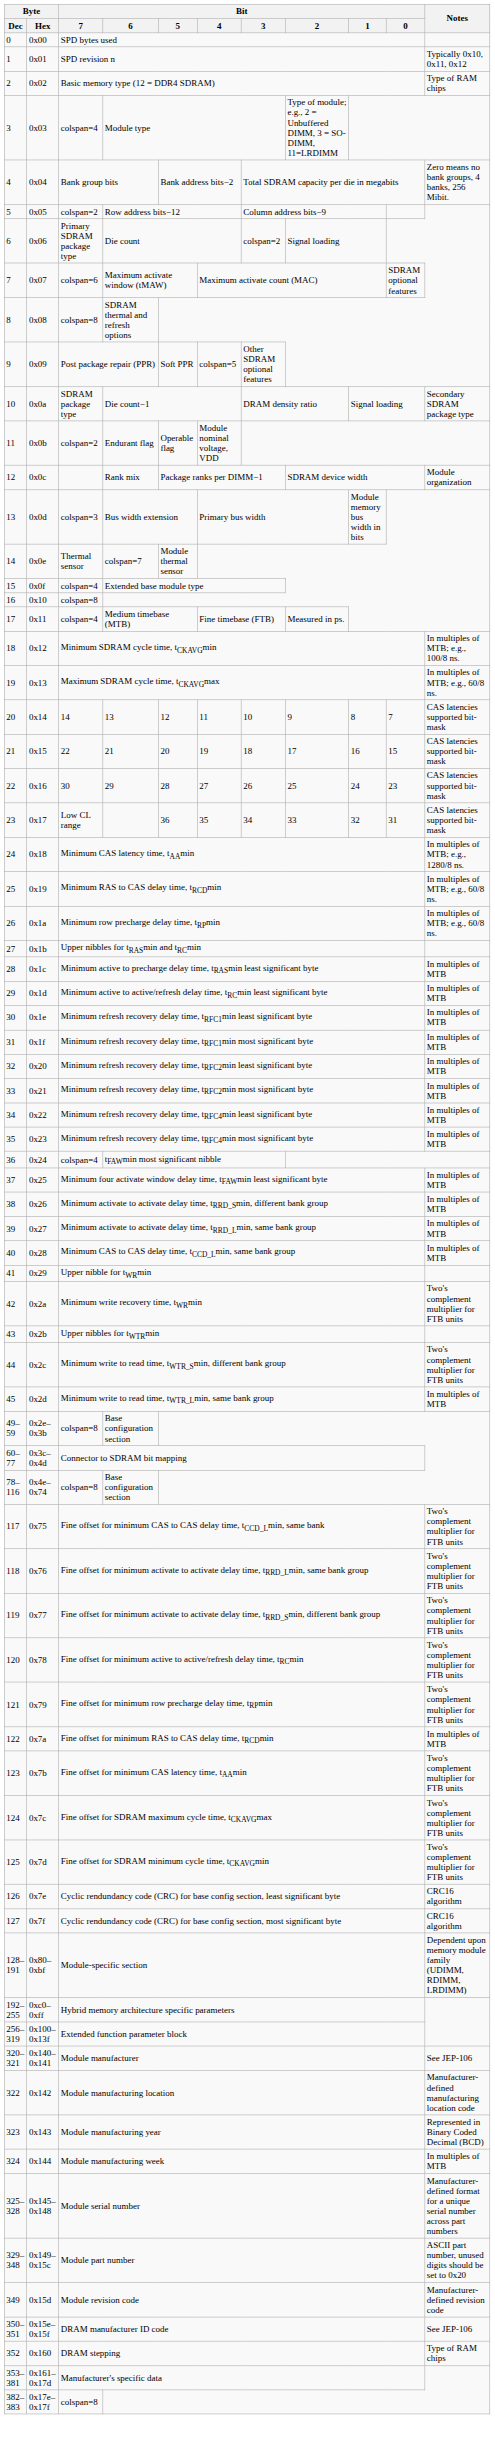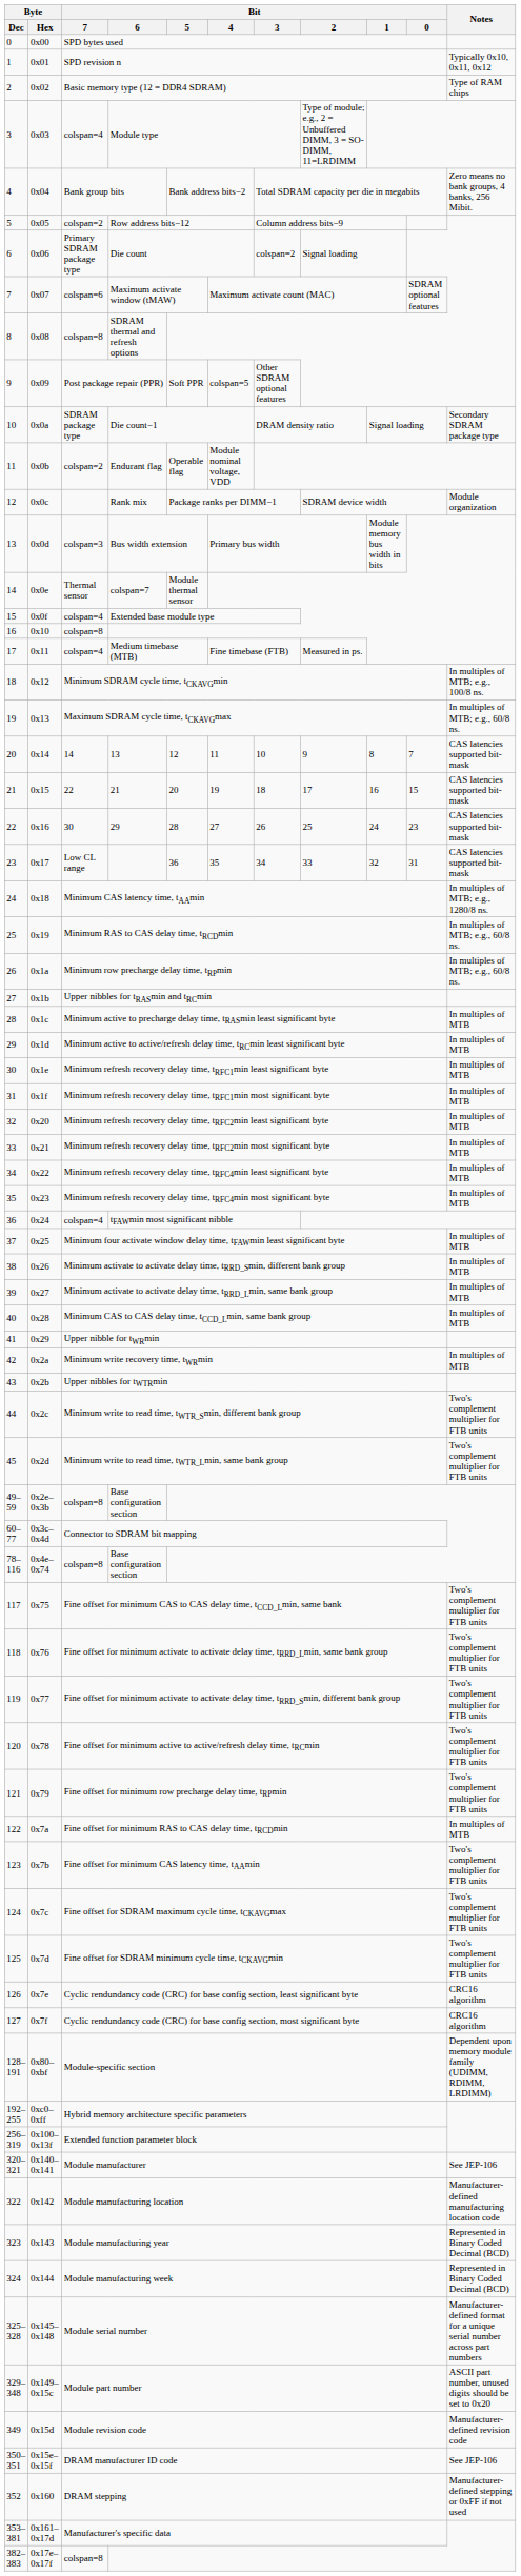 <table class=wikitable>
 <tr>
 <th colspan=2>Byte</th>
 <th colspan=8>Bit</th>
 <th rowspan=2>Notes</th>
 </tr>
 <tr>
 <th>Dec</th>
 <th>Hex</th>
 <th>7</th>
 <th>6</th>
 <th>5</th>
 <th>4</th>
 <th>3</th>
 <th>2</th>
 <th>1</th>
 <th>0</th>
 </tr>
 <tr>
 <td>0</td>
 <td>0x00</td>
 <td colspan=8>SPD bytes used</td>
 </tr>
 <tr>
 <td>1</td>
 <td>0x01</td>
 <td colspan=8>SPD revision n</td>
 <td>Typically 0x10, 0x11, 0x12</td>
 </tr>
 <tr>
 <td>2</td>
 <td>0x02</td>
 <td colspan=8>Basic memory type (12 = DDR4 SDRAM)</td>
 <td>Type of RAM chips</td>
 </tr>
 <tr>
 <td>3</td>
 <td>0x03</td>
 <td>colspan=4 </td>
 <td colspan=4>Module type</td>
 <td>Type of module; e.g., 2 = Unbuffered DIMM, 3 = SO-DIMM, 11=LRDIMM</td>
 </tr>
 <tr>
 <td>4</td>
 <td>0x04</td>
 <td colspan=2>Bank group bits</td>
 <td colspan=2>Bank address bits−2</td>
 <td colspan=4>Total SDRAM capacity per die in megabits</td>
 <td>Zero means no bank groups, 4 banks, 256 Mibit.</td>
 </tr>
 <tr>
 <td>5</td>
 <td>0x05</td>
 <td>colspan=2 </td>
 <td colspan=3>Row address bits−12</td>
 <td colspan=3>Column address bits−9</td>
 <td></td>
 </tr>
 <tr>
 <td>6</td>
 <td>0x06</td>
 <td>Primary SDRAM package type</td>
 <td colspan=3>Die count</td>
 <td>colspan=2 </td>
 <td colspan=2>Signal loading</td>
 </tr>
 <tr>
 <td>7</td>
 <td>0x07</td>
 <td>colspan=6 </td>
 <td colspan=2>Maximum activate window (tMAW)</td>
 <td colspan=4>Maximum activate count (MAC)</td>
 <td>SDRAM optional features</td>
 </tr>
 <tr>
 <td>8</td>
 <td>0x08</td>
 <td>colspan=8 </td>
 <td>SDRAM thermal and refresh options</td>
 </tr>
 <tr>
 <td>9</td>
 <td>0x09</td>
 <td colspan=2>Post package repair (PPR)</td>
 <td>Soft PPR</td>
 <td>colspan=5 </td>
 <td>Other SDRAM optional features</td>
 </tr>
 <tr>
 <td>10</td>
 <td>0x0a</td>
 <td>SDRAM package type</td>
 <td colspan=3>Die count−1</td>
 <td colspan=2>DRAM density ratio</td>
 <td colspan=2>Signal loading</td>
 <td>Secondary SDRAM package type</td>
 </tr>
 <tr>
 <td>11</td>
 <td>0x0b</td>
 <td>colspan=2 </td>
 <td>Endurant flag</td>
 <td>Operable flag</td>
 <td>Module nominal voltage, VDD</td>
 </tr>
 <tr>
 <td>12</td>
 <td>0x0c</td>
 <td></td>
 <td>Rank mix</td>
 <td colspan=3>Package ranks per DIMM−1</td>
 <td colspan=3>SDRAM device width</td>
 <td>Module organization</td>
 </tr>
 <tr>
 <td>13</td>
 <td>0x0d</td>
 <td>colspan=3 </td>
 <td colspan=2>Bus width extension</td>
 <td colspan=3>Primary bus width</td>
 <td>Module memory bus width in bits</td>
 </tr>
 <tr>
 <td>14</td>
 <td>0x0e</td>
 <td>Thermal sensor</td>
 <td>colspan=7 </td>
 <td>Module thermal sensor</td>
 </tr>
 <tr>
 <td>15</td>
 <td>0x0f</td>
 <td>colspan=4 </td>
 <td colspan=4>Extended base module type</td>
 </tr>
 <tr>
 <td>16</td>
 <td>0x10</td>
 <td>colspan=8 </td>
 </tr>
 <tr>
 <td>17</td>
 <td>0x11</td>
 <td>colspan=4 </td>
 <td colspan=2>Medium timebase (MTB)</td>
 <td colspan=2>Fine timebase (FTB)</td>
 <td>Measured in ps.</td>
 </tr>
 <tr>
 <td>18</td>
 <td>0x12</td>
 <td colspan=8>Minimum SDRAM cycle time, t<sub>CKAVG</sub>min</td>
 <td>In multiples of MTB; e.g., 100/8 ns.</td>
 </tr>
 <tr>
 <td>19</td>
 <td>0x13</td>
 <td colspan=8>Maximum SDRAM cycle time, t<sub>CKAVG</sub>max</td>
 <td>In multiples of MTB; e.g., 60/8 ns.</td>
 </tr>
 <tr>
 <td>20</td>
 <td>0x14</td>
 <td>14</td>
 <td>13</td>
 <td>12</td>
 <td>11</td>
 <td>10</td>
 <td>9</td>
 <td>8</td>
 <td>7</td>
 <td>CAS latencies supported bit-mask</td>
 </tr>
 <tr>
 <td>21</td>
 <td>0x15</td>
 <td>22</td>
 <td>21</td>
 <td>20</td>
 <td>19</td>
 <td>18</td>
 <td>17</td>
 <td>16</td>
 <td>15</td>
 <td>CAS latencies supported bit-mask</td>
 </tr>
 <tr>
 <td>22</td>
 <td>0x16</td>
 <td>30</td>
 <td>29</td>
 <td>28</td>
 <td>27</td>
 <td>26</td>
 <td>25</td>
 <td>24</td>
 <td>23</td>
 <td>CAS latencies supported bit-mask</td>
 </tr>
 <tr>
 <td>23</td>
 <td>0x17</td>
 <td>Low CL range</td>
 <td></td>
 <td>36</td>
 <td>35</td>
 <td>34</td>
 <td>33</td>
 <td>32</td>
 <td>31</td>
 <td>CAS latencies supported bit-mask</td>
 </tr>
 <tr>
 <td>24</td>
 <td>0x18</td>
 <td colspan=8>Minimum CAS latency time, t<sub>AA</sub>min</td>
 <td>In multiples of MTB; e.g., 1280/8 ns.</td>
 </tr>
 <tr>
 <td>25</td>
 <td>0x19</td>
 <td colspan=8>Minimum RAS to CAS delay time, t<sub>RCD</sub>min</td>
 <td>In multiples of MTB; e.g., 60/8 ns.</td>
 </tr>
 <tr>
 <td>26</td>
 <td>0x1a</td>
 <td colspan=8>Minimum row precharge delay time, t<sub>RP</sub>min</td>
 <td>In multiples of MTB; e.g., 60/8 ns.</td>
 </tr>
 <tr>
 <td>27</td>
 <td>0x1b</td>
 <td colspan=8>Upper nibbles for t<sub>RAS</sub>min and t<sub>RC</sub>min</td>
 </tr>
 <tr>
 <td>28</td>
 <td>0x1c</td>
 <td colspan=8>Minimum active to precharge delay time, t<sub>RAS</sub>min least significant byte</td>
 <td>In multiples of MTB</td>
 </tr>
 <tr>
 <td>29</td>
 <td>0x1d</td>
 <td colspan=8>Minimum active to active/refresh delay time, t<sub>RC</sub>min least significant byte</td>
 <td>In multiples of MTB</td>
 </tr>
 <tr>
 <td>30</td>
 <td>0x1e</td>
 <td colspan=8>Minimum refresh recovery delay time, t<sub>RFC1</sub>min least significant byte</td>
 <td>In multiples of MTB</td>
 </tr>
 <tr>
 <td>31</td>
 <td>0x1f</td>
 <td colspan=8>Minimum refresh recovery delay time, t<sub>RFC1</sub>min most significant byte</td>
 <td>In multiples of MTB</td>
 </tr>
 <tr>
 <td>32</td>
 <td>0x20</td>
 <td colspan=8>Minimum refresh recovery delay time, t<sub>RFC2</sub>min least significant byte</td>
 <td>In multiples of MTB</td>
 </tr>
 <tr>
 <td>33</td>
 <td>0x21</td>
 <td colspan=8>Minimum refresh recovery delay time, t<sub>RFC2</sub>min most significant byte</td>
 <td>In multiples of MTB</td>
 </tr>
 <tr>
 <td>34</td>
 <td>0x22</td>
 <td colspan=8>Minimum refresh recovery delay time, t<sub>RFC4</sub>min least significant byte</td>
 <td>In multiples of MTB</td>
 </tr>
 <tr>
 <td>35</td>
 <td>0x23</td>
 <td colspan=8>Minimum refresh recovery delay time, t<sub>RFC4</sub>min most significant byte</td>
 <td>In multiples of MTB</td>
 </tr>
 <tr>
 <td>36</td>
 <td>0x24</td>
 <td>colspan=4 </td>
 <td colspan=4>t<sub>FAW</sub>min most significant nibble</td>
 </tr>
 <tr>
 <td>37</td>
 <td>0x25</td>
 <td colspan=8>Minimum four activate window delay time, t<sub>FAW</sub>min least significant byte</td>
 <td>In multiples of MTB</td>
 </tr>
 <tr>
 <td>38</td>
 <td>0x26</td>
 <td colspan=8>Minimum activate to activate delay time, t<sub>RRD_S</sub>min, different bank group</td>
 <td>In multiples of MTB</td>
 </tr>
 <tr>
 <td>39</td>
 <td>0x27</td>
 <td colspan=8>Minimum activate to activate delay time, t<sub>RRD_L</sub>min, same bank group</td>
 <td>In multiples of MTB</td>
 </tr>
 <tr>
 <td>40</td>
 <td>0x28</td>
 <td colspan=8>Minimum CAS to CAS delay time, t<sub>CCD_L</sub>min, same bank group</td>
 <td>In multiples of MTB</td>
 </tr>
 <tr>
 <td>41</td>
 <td>0x29</td>
 <td colspan=8>Upper nibble for t<sub>WR</sub>min</td>
 </tr>
 <tr>
 <td>42</td>
 <td>0x2a</td>
 <td colspan=8>Minimum write recovery time, t<sub>WR</sub>min</td>
-<td>Two's complement multiplier for FTB units</td>
+<td>In multiples of MTB</td>
 </tr>
 <tr>
 <td>43</td>
 <td>0x2b</td>
 <td colspan=8>Upper nibbles for t<sub>WTR</sub>min</td>
 </tr>
 <tr>
 <td>44</td>
 <td>0x2c</td>
 <td colspan=8>Minimum write to read time, t<sub>WTR_S</sub>min, different bank group</td>
 <td>Two's complement multiplier for FTB units</td>
 </tr>
 <tr>
 <td>45</td>
 <td>0x2d</td>
 <td colspan=8>Minimum write to read time, t<sub>WTR_L</sub>min, same bank group</td>
-<td>In multiples of MTB</td>
+<td>Two's complement multiplier for FTB units</td>
 </tr>
 <tr>
 <td>49–59</td>
 <td>0x2e–0x3b</td>
 <td>colspan=8 </td>
 <td>Base configuration section</td>
 </tr>
 <tr>
 <td>60–77</td>
 <td>0x3c–0x4d</td>
 <td colspan=8>Connector to SDRAM bit mapping</td>
 </tr>
 <tr>
 <td>78–116</td>
 <td>0x4e–0x74</td>
 <td>colspan=8 </td>
 <td>Base configuration section</td>
 </tr>
 <tr>
 <td>117</td>
 <td>0x75</td>
 <td colspan=8>Fine offset for minimum CAS to CAS delay time, t<sub>CCD_L</sub>min, same bank</td>
 <td>Two's complement multiplier for FTB units</td>
 </tr>
 <tr>
 <td>118</td>
 <td>0x76</td>
 <td colspan=8>Fine offset for minimum activate to activate delay time, t<sub>RRD_L</sub>min, same bank group</td>
 <td>Two's complement multiplier for FTB units</td>
 </tr>
 <tr>
 <td>119</td>
 <td>0x77</td>
 <td colspan=8>Fine offset for minimum activate to activate delay time, t<sub>RRD_S</sub>min, different bank group</td>
 <td>Two's complement multiplier for FTB units</td>
 </tr>
 <tr>
 <td>120</td>
 <td>0x78</td>
 <td colspan=8>Fine offset for minimum active to active/refresh delay time, t<sub>RC</sub>min</td>
 <td>Two's complement multiplier for FTB units</td>
 </tr>
 <tr>
 <td>121</td>
 <td>0x79</td>
 <td colspan=8>Fine offset for minimum row precharge delay time, t<sub>RP</sub>min</td>
 <td>Two's complement multiplier for FTB units</td>
 </tr>
 <tr>
 <td>122</td>
 <td>0x7a</td>
 <td colspan=8>Fine offset for minimum RAS to CAS delay time, t<sub>RCD</sub>min</td>
 <td>In multiples of MTB</td>
 </tr>
 <tr>
 <td>123</td>
 <td>0x7b</td>
 <td colspan=8>Fine offset for minimum CAS latency time, t<sub>AA</sub>min</td>
 <td>Two's complement multiplier for FTB units</td>
 </tr>
 <tr>
 <td>124</td>
 <td>0x7c</td>
 <td colspan=8>Fine offset for SDRAM maximum cycle time, t<sub>CKAVG</sub>max</td>
 <td>Two's complement multiplier for FTB units</td>
 </tr>
 <tr>
 <td>125</td>
 <td>0x7d</td>
 <td colspan=8>Fine offset for SDRAM minimum cycle time, t<sub>CKAVG</sub>min</td>
 <td>Two's complement multiplier for FTB units</td>
 </tr>
 <tr>
 <td>126</td>
 <td>0x7e</td>
 <td colspan=8>Cyclic rendundancy code (CRC) for base config section, least significant byte</td>
 <td>CRC16 algorithm</td>
 </tr>
 <tr>
 <td>127</td>
 <td>0x7f</td>
 <td colspan=8>Cyclic rendundancy code (CRC) for base config section, most significant byte</td>
 <td>CRC16 algorithm</td>
 </tr>
 <tr>
 <td>128–191</td>
 <td>0x80–0xbf</td>
 <td colspan=8>Module-specific section</td>
 <td>Dependent upon memory module family (UDIMM, RDIMM, LRDIMM)</td>
 </tr>
 <tr>
 <td>192–255</td>
 <td>0xc0–0xff</td>
 <td colspan=8>Hybrid memory architecture specific parameters</td>
 </tr>
 <tr>
 <td>256–319</td>
 <td>0x100–0x13f</td>
 <td colspan=8>Extended function parameter block</td>
 </tr>
 <tr>
 <td>320–321</td>
 <td>0x140–0x141</td>
 <td colspan=8>Module manufacturer</td>
 <td>See JEP-106</td>
 </tr>
 <tr>
 <td>322</td>
 <td>0x142</td>
 <td colspan=8>Module manufacturing location</td>
 <td>Manufacturer-defined manufacturing location code</td>
 </tr>
 <tr>
 <td>323</td>
 <td>0x143</td>
 <td colspan=8>Module manufacturing year</td>
 <td>Represented in Binary Coded Decimal (BCD)</td>
 </tr>
 <tr>
 <td>324</td>
 <td>0x144</td>
 <td colspan=8>Module manufacturing week</td>
-<td>In multiples of MTB</td>
+<td>Represented in Binary Coded Decimal (BCD)</td>
 </tr>
 <tr>
 <td>325–328</td>
 <td>0x145–0x148</td>
 <td colspan=8>Module serial number</td>
 <td>Manufacturer-defined format for a unique serial number across part numbers</td>
 </tr>
 <tr>
 <td>329–348</td>
 <td>0x149–0x15c</td>
 <td colspan=8>Module part number</td>
 <td>ASCII part number, unused digits should be set to 0x20</td>
 </tr>
 <tr>
 <td>349</td>
 <td>0x15d</td>
 <td colspan=8>Module revision code</td>
 <td>Manufacturer-defined revision code</td>
 </tr>
 <tr>
 <td>350–351</td>
 <td>0x15e–0x15f</td>
 <td colspan=8>DRAM manufacturer ID code</td>
 <td>See JEP-106</td>
 </tr>
 <tr>
 <td>352</td>
 <td>0x160</td>
 <td colspan=8>DRAM stepping</td>
-<td>Type of RAM chips</td>
+<td>Manufacturer-defined stepping or 0xFF if not used</td>
 </tr>
 <tr>
 <td>353–381</td>
 <td>0x161–0x17d</td>
 <td colspan=8>Manufacturer's specific data</td>
 </tr>
 <tr>
 <td>382–383</td>
 <td>0x17e–0x17f</td>
 <td>colspan=8 </td>
 </tr>
 </table>
